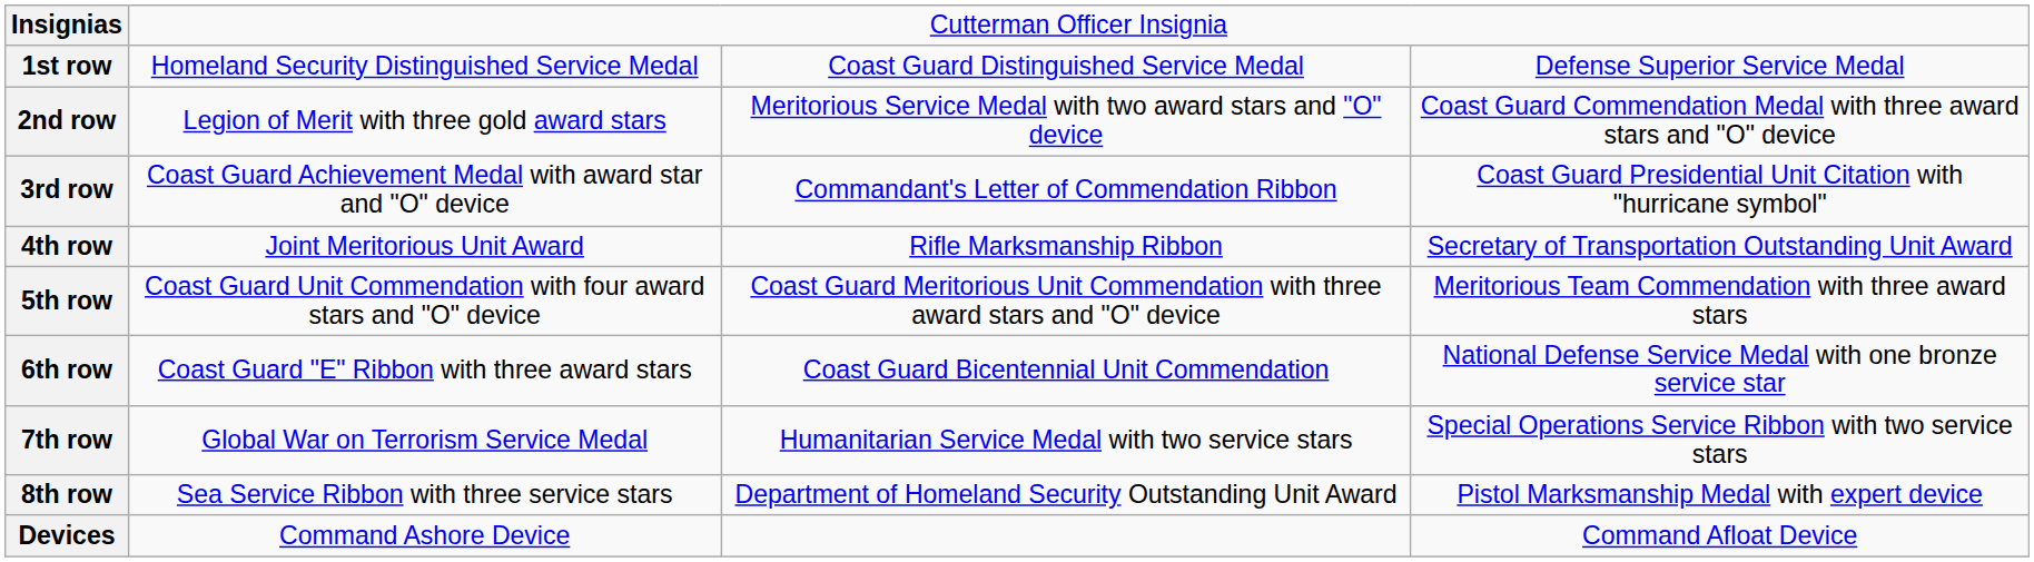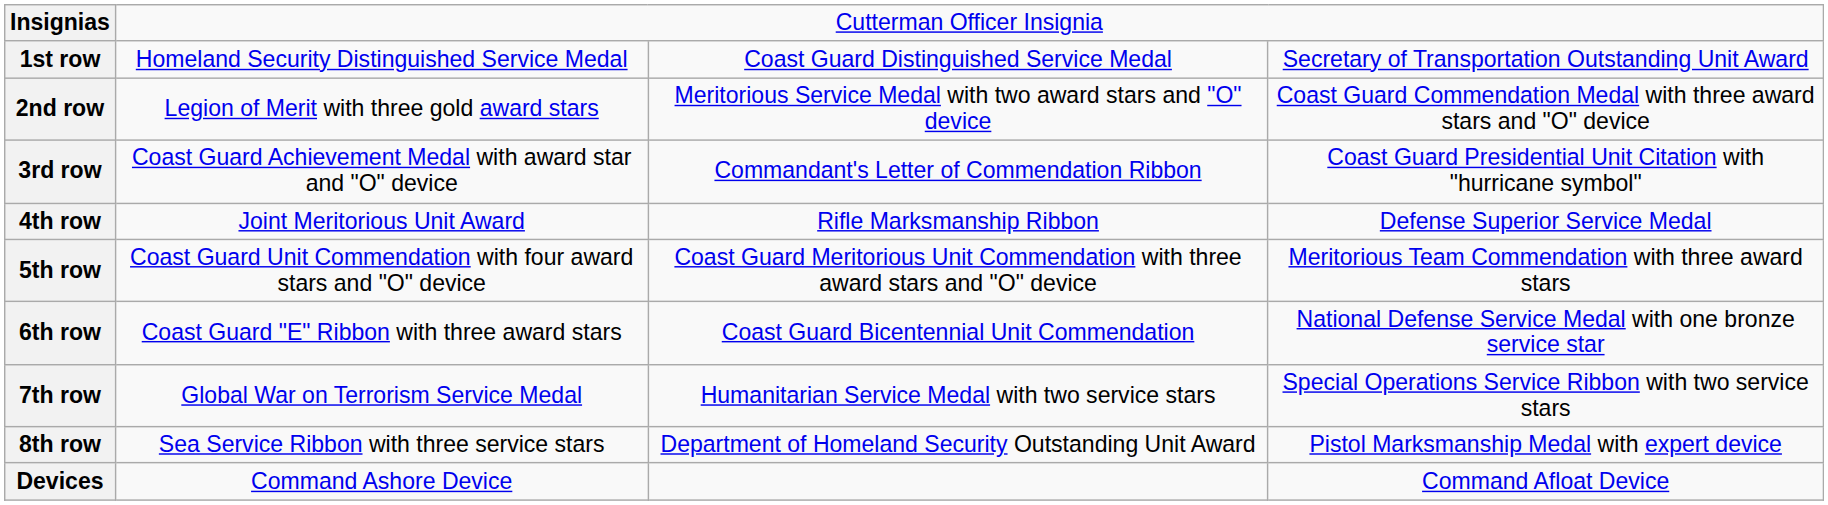 <table class="wikitable" style="margin:1em auto; text-align:center;">
 <tr>
 <th>Insignias</th>
 <td align=center colspan="3"><a href='#'>Cutterman Officer Insignia</a></td>
 </tr>
 <tr>
 <th>1st row</th>
 <td><a href='#'>Homeland Security Distinguished Service Medal</a></td>
 <td><a href='#'>Coast Guard Distinguished Service Medal</a></td>
-<td><a href='#'>Defense Superior Service Medal</a></td>
+<td><a href='#'>Secretary of Transportation Outstanding Unit Award</a></td>
 </tr>
 <tr>
 <th>2nd row</th>
 <td><a href='#'>Legion of Merit</a> with three gold <a href='#'>award stars</a></td>
 <td><a href='#'>Meritorious Service Medal</a> with two award stars and <a href='#'>"O" device</a></td>
 <td><a href='#'>Coast Guard Commendation Medal</a> with three award stars and "O" device</td>
 </tr>
 <tr>
 <th>3rd row</th>
 <td><a href='#'>Coast Guard Achievement Medal</a> with award star and "O" device</td>
 <td><a href='#'>Commandant's Letter of Commendation Ribbon</a></td>
 <td><a href='#'>Coast Guard Presidential Unit Citation</a> with "hurricane symbol"</td>
 </tr>
 <tr>
 <th>4th row</th>
 <td><a href='#'>Joint Meritorious Unit Award</a></td>
 <td><a href='#'>Rifle Marksmanship Ribbon</a></td>
-<td><a href='#'>Secretary of Transportation Outstanding Unit Award</a></td>
+<td><a href='#'>Defense Superior Service Medal</a></td>
 </tr>
 <tr>
 <th>5th row</th>
 <td><a href='#'>Coast Guard Unit Commendation</a> with four award stars and "O" device</td>
 <td><a href='#'>Coast Guard Meritorious Unit Commendation</a> with three award stars and "O" device</td>
 <td><a href='#'>Meritorious Team Commendation</a> with three award stars</td>
 </tr>
 <tr>
 <th>6th row</th>
 <td><a href='#'>Coast Guard "E" Ribbon</a> with three award stars</td>
 <td><a href='#'>Coast Guard Bicentennial Unit Commendation</a></td>
 <td><a href='#'>National Defense Service Medal</a> with one bronze <a href='#'>service star</a></td>
 </tr>
 <tr>
 <th>7th row</th>
 <td><a href='#'>Global War on Terrorism Service Medal</a></td>
 <td><a href='#'>Humanitarian Service Medal</a> with two service stars</td>
 <td><a href='#'>Special Operations Service Ribbon</a> with two service stars</td>
 </tr>
 <tr>
 <th>8th row</th>
 <td><a href='#'>Sea Service Ribbon</a> with three service stars</td>
 <td><a href='#'>Department of Homeland Security</a> Outstanding Unit Award</td>
 <td><a href='#'>Pistol Marksmanship Medal</a> with <a href='#'>expert device</a></td>
 </tr>
 <tr>
 <th>Devices</th>
 <td><a href='#'>Command Ashore Device</a></td>
 <td></td>
 <td><a href='#'>Command Afloat Device</a></td>
 </tr>
 </table>
